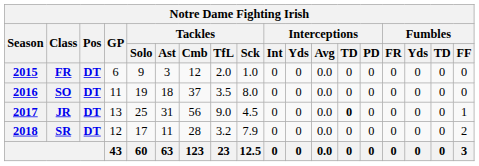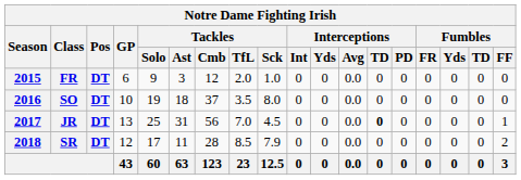 <table class="wikitable" style="text-align:center;">
 <tr>
 <th colspan="18">Notre Dame Fighting Irish</th>
 </tr>
 <tr>
 <th rowspan="2">Season</th>
 <th rowspan="2">Class</th>
 <th rowspan="2">Pos</th>
 <th rowspan="2">GP</th>
 <th colspan="5">Tackles</th>
 <th colspan="5">Interceptions</th>
 <th colspan="4">Fumbles</th>
 </tr>
 <tr>
 <th>Solo</th>
 <th>Ast</th>
 <th>Cmb</th>
 <th>TfL</th>
 <th>Sck</th>
 <th>Int</th>
 <th>Yds</th>
 <th>Avg</th>
 <th>TD</th>
 <th>PD</th>
 <th>FR</th>
 <th>Yds</th>
 <th>TD</th>
 <th>FF</th>
 </tr>
 <tr>
 <th><a href='#'>2015</a></th>
 <th><a href='#'>FR</a></th>
 <th><a href='#'>DT</a></th>
 <td>6</td>
 <td>9</td>
 <td>3</td>
 <td>12</td>
 <td>2.0</td>
 <td>1.0</td>
 <td>0</td>
 <td>0</td>
 <td>0.0</td>
 <td>0</td>
 <td>0</td>
 <td>0</td>
 <td>0</td>
 <td>0</td>
 <td>0</td>
 </tr>
 <tr>
 <th><a href='#'>2016</a></th>
 <th><a href='#'>SO</a></th>
 <th><a href='#'>DT</a></th>
-<td>11</td>
+<td>10</td>
 <td>19</td>
 <td>18</td>
 <td>37</td>
 <td>3.5</td>
 <td>8.0</td>
 <td>0</td>
 <td>0</td>
 <td>0.0</td>
 <td>0</td>
 <td>0</td>
 <td>0</td>
 <td>0</td>
 <td>0</td>
 <td>0</td>
 </tr>
 <tr>
 <th><a href='#'>2017</a></th>
 <th><a href='#'>JR</a></th>
 <th><a href='#'>DT</a></th>
 <td>13</td>
 <td>25</td>
 <td>31</td>
 <td>56</td>
-<td>9.0</td>
+<td>7.0</td>
 <td>4.5</td>
 <td>0</td>
 <td>0</td>
 <td>0.0</td>
 <td><strong>0</strong></td>
 <td>0</td>
 <td>0</td>
 <td>0</td>
 <td>0</td>
 <td>1</td>
 </tr>
 <tr>
 <th><a href='#'>2018</a></th>
 <th><a href='#'>SR</a></th>
 <th><a href='#'>DT</a></th>
 <td>12</td>
 <td>17</td>
 <td>11</td>
 <td>28</td>
-<td>3.2</td>
+<td>8.5</td>
 <td>7.9</td>
 <td>0</td>
 <td>0</td>
 <td>0.0</td>
 <td>0</td>
 <td>0</td>
 <td>0</td>
 <td>0</td>
 <td>0</td>
 <td>2</td>
 </tr>
 <tr>
 <th colspan="3"></th>
 <th>43</th>
 <th>60</th>
 <th>63</th>
 <th>123</th>
 <th>23</th>
 <th>12.5</th>
 <th>0</th>
 <th>0</th>
 <th>0.0</th>
 <th>0</th>
 <th>0</th>
 <th>0</th>
 <th>0</th>
 <th>0</th>
 <th>3</th>
 </tr>
 </table>
